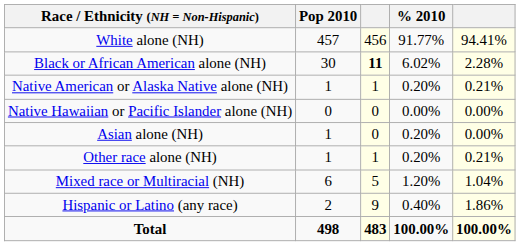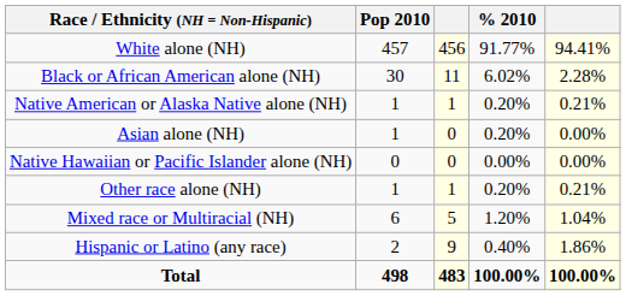 <table class="wikitable" style="text-align:center;">
 <tr>
 <th>Race / Ethnicity <small>(<em>NH = Non-Hispanic</em>)</small></th>
 <th>Pop 2010</th>
 <th></th>
 <th>% 2010</th>
 <th></th>
 </tr>
 <tr>
 <td><a href='#'>White</a> alone (NH)</td>
 <td>457</td>
 <td style='background: #ffffe6;'>456</td>
 <td>91.77%</td>
 <td style='background: #ffffe6;'>94.41%</td>
 </tr>
 <tr>
 <td><a href='#'>Black or African American</a> alone (NH)</td>
 <td>30</td>
-<td style='background: #ffffe6;'><strong>11</strong></td>
+<td style='background: #ffffe6;'>11</td>
 <td>6.02%</td>
 <td style='background: #ffffe6;'>2.28%</td>
 </tr>
 <tr>
 <td><a href='#'>Native American</a> or <a href='#'>Alaska Native</a> alone (NH)</td>
 <td>1</td>
 <td style='background: #ffffe6;'>1</td>
 <td>0.20%</td>
 <td style='background: #ffffe6;'>0.21%</td>
 </tr>
 <tr>
+<td><a href='#'>Asian</a> alone (NH)</td>
+<td>1</td>
+<td style='background: #ffffe6;'>0</td>
+<td>0.20%</td>
+<td style='background: #ffffe6;'>0.00%</td>
+</tr>
+<tr>
 <td><a href='#'>Native Hawaiian</a> or <a href='#'>Pacific Islander</a> alone (NH)</td>
 <td>0</td>
 <td style='background: #ffffe6;'>0</td>
 <td>0.00%</td>
-<td style='background: #ffffe6;'>0.00%</td>
-</tr>
-<tr>
-<td><a href='#'>Asian</a> alone (NH)</td>
-<td>1</td>
-<td style='background: #ffffe6;'>0</td>
-<td>0.20%</td>
 <td style='background: #ffffe6;'>0.00%</td>
 </tr>
 <tr>
 <td><a href='#'>Other race</a> alone (NH)</td>
 <td>1</td>
 <td style='background: #ffffe6;'>1</td>
 <td>0.20%</td>
 <td style='background: #ffffe6;'>0.21%</td>
 </tr>
 <tr>
 <td><a href='#'>Mixed race or Multiracial</a> (NH)</td>
 <td>6</td>
 <td style='background: #ffffe6;'>5</td>
 <td>1.20%</td>
 <td style='background: #ffffe6;'>1.04%</td>
 </tr>
 <tr>
 <td><a href='#'>Hispanic or Latino</a> (any race)</td>
 <td>2</td>
 <td style='background: #ffffe6;'>9</td>
 <td>0.40%</td>
 <td style='background: #ffffe6;'>1.86%</td>
 </tr>
 <tr>
 <td><strong>Total</strong></td>
 <td><strong>498</strong></td>
 <td style='background: #ffffe6;'><strong>483</strong></td>
 <td><strong>100.00%</strong></td>
 <td style='background: #ffffe6;'><strong>100.00%</strong></td>
 </tr>
 </table>
